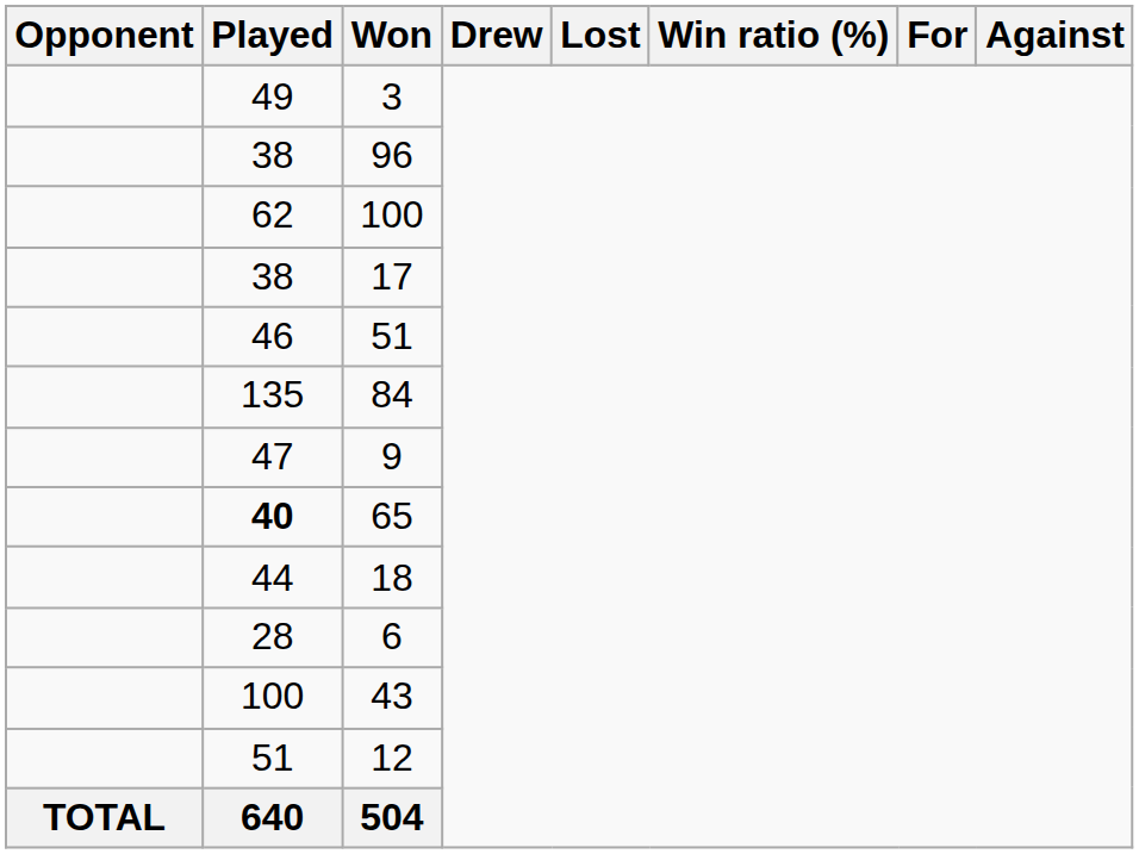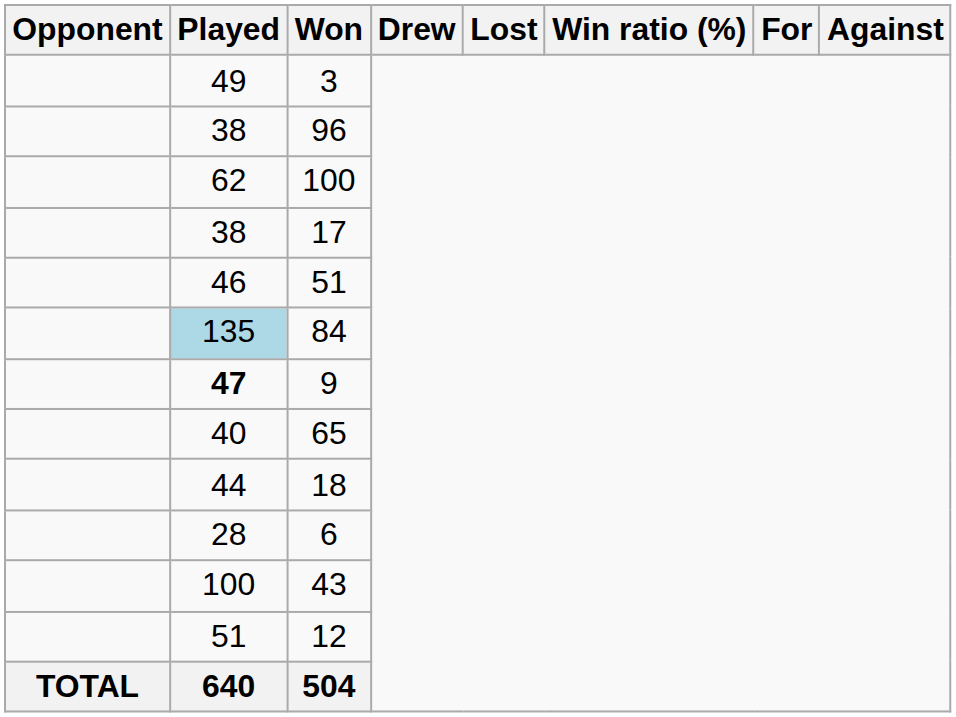 <table class="wikitable sortable">
 <tr>
 <th>Opponent</th>
 <th>Played</th>
 <th>Won</th>
 <th>Drew</th>
 <th>Lost</th>
 <th>Win ratio (%)</th>
 <th>For</th>
 <th>Against</th>
 </tr>
 <tr align=center>
 <td align=left><br></td>
 <td>49</td>
 <td>3</td>
 </tr>
 <tr align=center>
 <td align=left><br></td>
 <td>38</td>
 <td>96</td>
 </tr>
 <tr align=center>
 <td align=left><br></td>
 <td>62</td>
 <td>100</td>
 </tr>
 <tr align=center>
 <td align=left><br></td>
 <td>38</td>
 <td>17</td>
 </tr>
 <tr align=center>
 <td align=left><br></td>
 <td>46</td>
 <td>51</td>
 </tr>
 <tr align=center>
 <td align=left><br></td>
-<td>135</td>
+<td style="background: lightblue;">135</td>
 <td>84</td>
 </tr>
 <tr align=center>
 <td align=left><br></td>
-<td>47</td>
+<td><strong>47</strong></td>
 <td>9</td>
 </tr>
 <tr align=center>
 <td align=left><br></td>
-<td><strong>40</strong></td>
+<td>40</td>
 <td>65</td>
 </tr>
 <tr align=center>
 <td align=left><br></td>
 <td>44</td>
 <td>18</td>
 </tr>
 <tr align=center>
 <td align=left><br></td>
 <td>28</td>
 <td>6</td>
 </tr>
 <tr align=center>
 <td align=left><br></td>
 <td>100</td>
 <td>43</td>
 </tr>
 <tr align=center>
 <td align=left><br></td>
 <td>51</td>
 <td>12</td>
 </tr>
 <tr>
 <th>TOTAL<br></th>
 <th>640</th>
 <th>504</th>
 </tr>
 </table>
